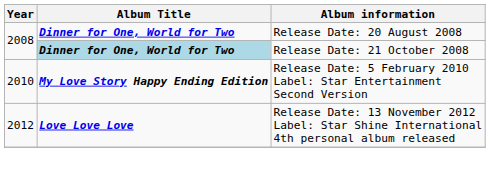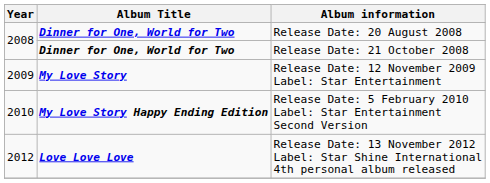 <table class="wikitable">
 <tr>
 <th align="left">Year</th>
 <th align="left">Album Title</th>
 <th align="left">Album information</th>
 </tr>
 <tr>
 <td rowspan="2">2008</td>
 <td><strong><em><a href='#'>Dinner for One, World for Two</a></em></strong> <strong><em></em></strong></td>
 <td>Release Date: 20 August 2008</td>
 </tr>
 <tr>
-<td style="background: lightblue;"><strong><em>Dinner for One, World for Two </em></strong></td>
+<td><strong><em>Dinner for One, World for Two </em></strong></td>
 <td>Release Date: 21 October 2008</td>
+</tr>
+<tr>
+<td>2009</td>
+<td><a href='#'><strong><em>My Love Story</em></strong></a></td>
+<td>Release Date: 12 November 2009<br>Label: Star Entertainment</td>
 </tr>
 <tr>
 <td>2010</td>
 <td><strong><em><a href='#'>My Love Story</a> Happy Ending Edition</em></strong></td>
 <td>Release Date: 5 February 2010<br>Label: Star Entertainment<br>Second Version</td>
 </tr>
 <tr>
 <td>2012</td>
 <td><a href='#'><strong><em>Love Love Love</em></strong></a></td>
 <td>Release Date: 13 November 2012<br>Label: Star Shine International<br>4th personal album released</td>
 </tr>
 <tr>
 </tr>
 </table>
